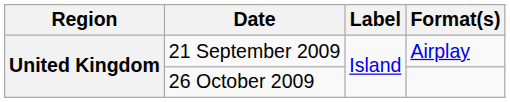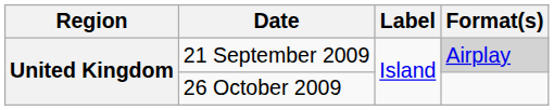 <table class="wikitable plainrowheaders">
 <tr>
 <th scope="col">Region</th>
 <th scope="col">Date</th>
 <th scope="col">Label</th>
 <th scope="col">Format(s)</th>
 </tr>
 <tr>
 <th scope="row" rowspan="2">United Kingdom</th>
 <td>21 September 2009</td>
 <td rowspan="2"><a href='#'>Island</a></td>
-<td><a href='#'>Airplay</a></td>
+<td style="background: lightgrey;"><a href='#'>Airplay</a></td>
 </tr>
 <tr>
 <td>26 October 2009</td>
 <td></td>
 </tr>
 </table>
